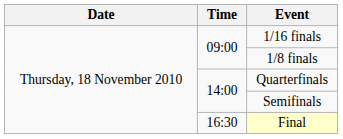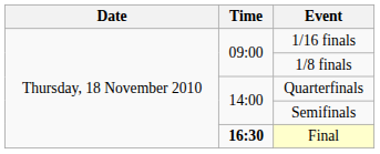 <table class = "wikitable" style="text-align:center;">
 <tr>
 <th width=220>Date</th>
 <th width=50>Time</th>
 <th width=100>Event</th>
 </tr>
 <tr>
 <td rowspan=5>Thursday, 18 November 2010</td>
 <td rowspan=2>09:00</td>
 <td>1/16 finals</td>
 </tr>
 <tr>
 <td>1/8 finals</td>
 </tr>
 <tr>
 <td rowspan=2>14:00</td>
 <td>Quarterfinals</td>
 </tr>
 <tr>
 <td>Semifinals</td>
 </tr>
 <tr>
-<td>16:30</td>
+<td><strong>16:30</strong></td>
 <td bgcolor=ffffcc>Final</td>
 </tr>
 </table>
